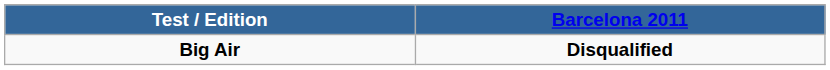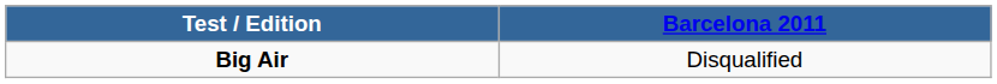 <table class="wikitable centre" style="font-size:90%" width="50%">
 <tr align="center" style="background-color:#369">
 <td colspan="2" style="color:white;" width="50%"><strong>Test / Edition</strong></td>
 <td style="color:white;" width="50%"><strong><a href='#'>Barcelona 2011</a></strong></td>
 </tr>
 <tr align="center">
 <td colspan="2"><strong>Big Air</strong></td>
-<td><strong>Disqualified</strong></td>
+<td>Disqualified</td>
 </tr>
 </table>
